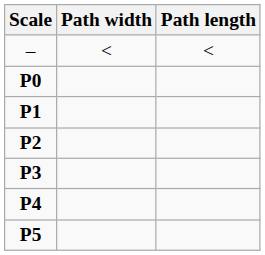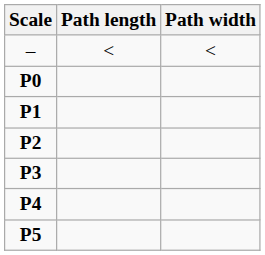 <table class="wikitable" style="text-align: center; margin-top: 0">
 <tr>
 <th scope="col">Scale</th>
+<th scope="col">Path length</th>
 <th scope="col">Path width</th>
-<th scope="col">Path length</th>
 </tr>
 <tr>
 <td>–</td>
 <td><</td>
 <td><</td>
 </tr>
 <tr>
 <td><strong>P0</strong></td>
 <td></td>
 <td></td>
 </tr>
 <tr>
 <td><strong>P1</strong></td>
 <td></td>
 <td></td>
 </tr>
 <tr>
 <td><strong>P2</strong></td>
 <td></td>
 <td></td>
 </tr>
 <tr>
 <td><strong>P3</strong></td>
 <td></td>
 <td></td>
 </tr>
 <tr>
 <td><strong>P4</strong></td>
 <td></td>
 <td></td>
 </tr>
 <tr>
 <td><strong>P5</strong></td>
 <td></td>
 <td></td>
 </tr>
 </table>
